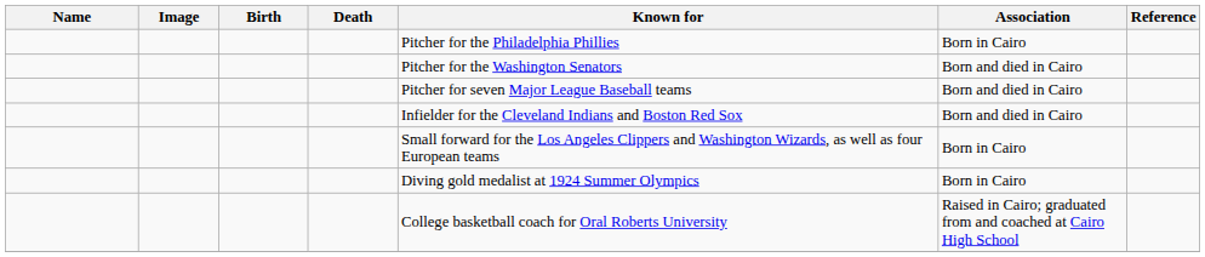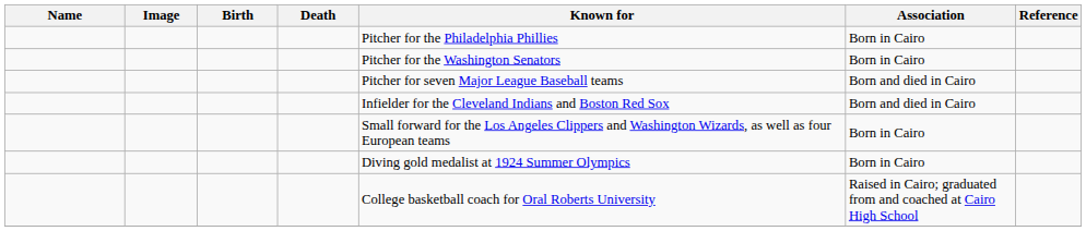 <table class="wikitable sortable">
 <tr>
 <th scope="col" width="140">Name</th>
 <th scope="col" width="80" class="unsortable">Image</th>
 <th scope="col" width="90">Birth</th>
 <th scope="col" width="90">Death</th>
 <th scope="col" width="600" class="unsortable">Known for</th>
 <th scope="col" width="200" class="unsortable">Association</th>
 <th scope="col" width="30" class="unsortable">Reference</th>
 </tr>
 <tr>
 <td></td>
 <td></td>
 <td align=right></td>
 <td align=right></td>
 <td>Pitcher for the <a href='#'>Philadelphia Phillies</a></td>
 <td>Born in Cairo</td>
 <td align="center"></td>
 </tr>
 <tr>
 <td></td>
 <td></td>
 <td align=right></td>
 <td align=right></td>
 <td>Pitcher for the <a href='#'>Washington Senators</a></td>
-<td>Born and died in Cairo</td>
+<td>Born in Cairo</td>
 <td align="center"></td>
 </tr>
 <tr>
 <td></td>
 <td></td>
 <td align=right></td>
 <td align=right></td>
 <td>Pitcher for seven <a href='#'>Major League Baseball</a> teams</td>
 <td>Born and died in Cairo</td>
 <td align="center"></td>
 </tr>
 <tr>
 <td></td>
 <td></td>
 <td align=right></td>
 <td align=right></td>
 <td>Infielder for the <a href='#'>Cleveland Indians</a> and <a href='#'>Boston Red Sox</a></td>
 <td>Born and died in Cairo</td>
 <td align="center"></td>
 </tr>
 <tr>
 <td></td>
 <td></td>
 <td align=right></td>
 <td align=right></td>
 <td>Small forward for the <a href='#'>Los Angeles Clippers</a> and <a href='#'>Washington Wizards</a>, as well as four European teams</td>
 <td>Born in Cairo</td>
 <td align="center"></td>
 </tr>
 <tr>
 <td></td>
 <td></td>
 <td align=right></td>
 <td align=right></td>
 <td>Diving gold medalist at <a href='#'>1924 Summer Olympics</a></td>
 <td>Born in Cairo</td>
 <td align="center"></td>
 </tr>
 <tr>
 <td></td>
 <td></td>
 <td align=right></td>
 <td align=right></td>
 <td>College basketball coach for <a href='#'>Oral Roberts University</a></td>
 <td>Raised in Cairo; graduated from and coached at <a href='#'>Cairo High School</a></td>
 <td align="center"></td>
 </tr>
 <tr>
 </tr>
 </table>
